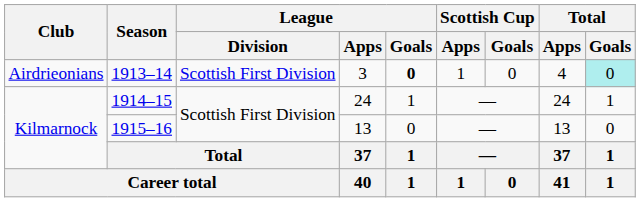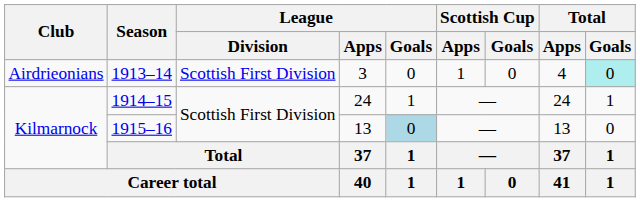 <table class="wikitable" style="text-align: center">
 <tr>
 <th rowspan="2">Club</th>
 <th rowspan="2">Season</th>
 <th colspan="3">League</th>
 <th colspan="2">Scottish Cup</th>
 <th colspan="2">Total</th>
 </tr>
 <tr>
 <th>Division</th>
 <th>Apps</th>
 <th>Goals</th>
 <th>Apps</th>
 <th>Goals</th>
 <th>Apps</th>
 <th>Goals</th>
 </tr>
 <tr>
 <td><a href='#'>Airdrieonians</a></td>
 <td><a href='#'>1913–14</a></td>
 <td><a href='#'>Scottish First Division</a></td>
 <td>3</td>
-<td><strong>0</strong></td>
+<td>0</td>
 <td>1</td>
 <td>0</td>
 <td>4</td>
 <td style="background: paleturquoise;">0</td>
 </tr>
 <tr>
 <td rowspan="3"><a href='#'>Kilmarnock</a></td>
 <td><a href='#'>1914–15</a></td>
 <td rowspan="2">Scottish First Division</td>
 <td>24</td>
 <td>1</td>
 <td colspan="2">―</td>
 <td>24</td>
 <td>1</td>
 </tr>
 <tr>
 <td><a href='#'>1915–16</a></td>
 <td>13</td>
-<td>0</td>
+<td style="background: lightblue;">0</td>
 <td colspan="2">―</td>
 <td>13</td>
 <td>0</td>
 </tr>
 <tr>
 <th colspan="2">Total</th>
 <th>37</th>
 <th>1</th>
 <th colspan="2">―</th>
 <th>37</th>
 <th>1</th>
 </tr>
 <tr>
 <th colspan="3">Career total</th>
 <th>40</th>
 <th>1</th>
 <th>1</th>
 <th>0</th>
 <th>41</th>
 <th>1</th>
 </tr>
 </table>
